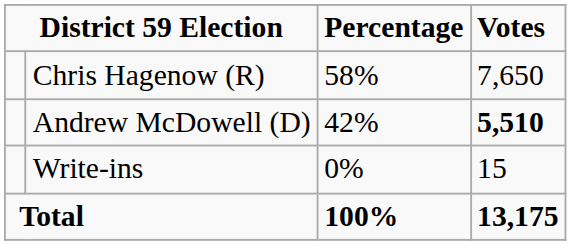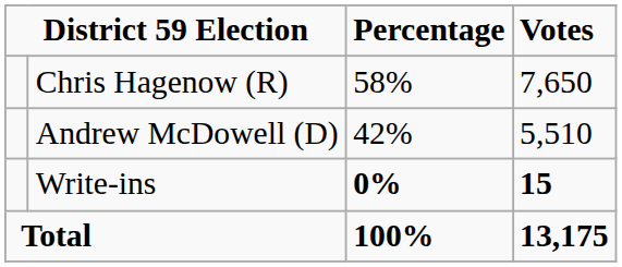 <table class="wikitable">
 <tr>
 <td colspan="2" rowspan="1" align="center" valign="top"><strong>District 59 Election</strong></td>
 <td style="vertical-align:top;"><strong>Percentage</strong></td>
 <td style="vertical-align:top;"><strong>Votes</strong></td>
 </tr>
 <tr>
 <td style="background-color:"> </td>
 <td>Chris Hagenow (R)</td>
 <td>58%</td>
 <td>7,650</td>
 </tr>
 <tr>
 <td style="background-color:"> </td>
 <td>Andrew McDowell (D)</td>
 <td>42%</td>
-<td><strong>5,510</strong></td>
+<td>5,510</td>
 </tr>
 <tr>
 <td style="background-color:"> </td>
 <td>Write-ins</td>
-<td>0%</td>
-<td>15</td>
+<td><strong>0%</strong></td>
+<td><strong>15</strong></td>
 </tr>
 <tr>
 <td colspan="2" rowspan="1"> <strong>Total</strong></td>
 <td><strong>100%</strong></td>
 <td><strong>13,175</strong></td>
 </tr>
 </table>
